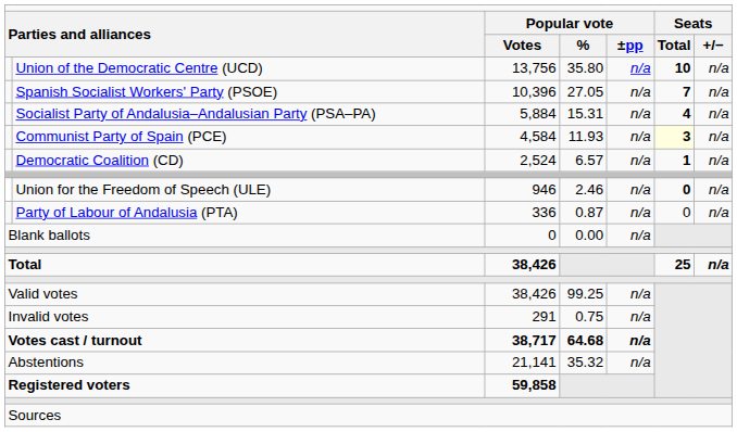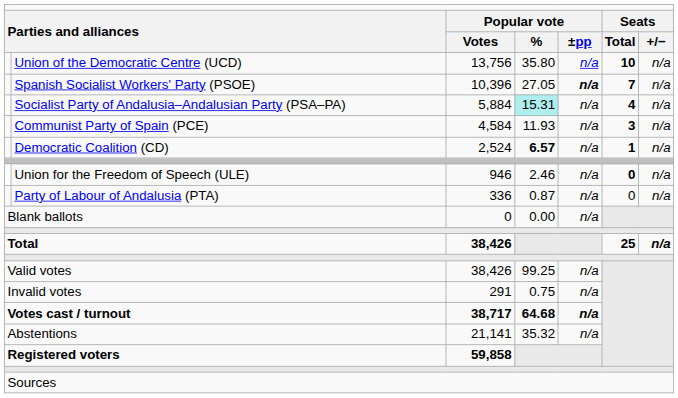 <table class="wikitable" style="text-align:right;">
 <tr>
 <td colspan="7"></td>
 </tr>
 <tr>
 <th style="text-align:left;" rowspan="2" colspan="2" width="525">Parties and alliances</th>
 <th colspan="3">Popular vote</th>
 <th colspan="2">Seats</th>
 </tr>
 <tr>
 <th width="75">Votes</th>
 <th width="45">%</th>
 <th width="45">±<a href='#'>pp</a></th>
 <th width="35">Total</th>
 <th width="35">+/−</th>
 </tr>
 <tr>
 <td width="1" style="color:inherit;background:"></td>
 <td align="left"><a href='#'>Union of the Democratic Centre</a> (UCD)</td>
 <td>13,756</td>
 <td>35.80</td>
 <td><em><a href='#'>n/a</a></em></td>
 <td><strong>10</strong></td>
 <td><em>n/a</em></td>
 </tr>
 <tr>
 <td style="color:inherit;background:"></td>
 <td align="left"><a href='#'>Spanish Socialist Workers' Party</a> (PSOE)</td>
 <td>10,396</td>
 <td>27.05</td>
-<td><em>n/a</em></td>
+<td><strong><em>n/a</em></strong></td>
 <td><strong>7</strong></td>
 <td><em>n/a</em></td>
 </tr>
 <tr>
 <td style="color:inherit;background:"></td>
 <td align="left"><a href='#'>Socialist Party of Andalusia–Andalusian Party</a> (PSA–PA)</td>
 <td>5,884</td>
-<td>15.31</td>
+<td style="background: paleturquoise;">15.31</td>
 <td><em>n/a</em></td>
 <td><strong>4</strong></td>
 <td><em>n/a</em></td>
 </tr>
 <tr>
 <td style="color:inherit;background:"></td>
 <td align="left"><a href='#'>Communist Party of Spain</a> (PCE)</td>
 <td>4,584</td>
 <td>11.93</td>
 <td><em>n/a</em></td>
-<td style="background: lightyellow;"><strong>3</strong></td>
+<td><strong>3</strong></td>
 <td><em>n/a</em></td>
 </tr>
 <tr>
 <td style="color:inherit;background:"></td>
 <td align="left"><a href='#'>Democratic Coalition</a> (CD)</td>
 <td>2,524</td>
-<td>6.57</td>
+<td><strong>6.57</strong></td>
 <td><em>n/a</em></td>
 <td><strong>1</strong></td>
 <td><em>n/a</em></td>
 </tr>
 <tr>
 <td colspan="7" bgcolor="#C0C0C0"></td>
 </tr>
 <tr>
 <td bgcolor="white"></td>
 <td align="left">Union for the Freedom of Speech (ULE)</td>
 <td>946</td>
 <td>2.46</td>
 <td><em>n/a</em></td>
 <td><strong>0</strong></td>
 <td><em>n/a</em></td>
 </tr>
 <tr>
 <td style="color:inherit;background:"></td>
 <td align="left"><a href='#'>Party of Labour of Andalusia</a> (PTA)</td>
 <td>336</td>
 <td>0.87</td>
 <td><em>n/a</em></td>
 <td>0</td>
 <td><em>n/a</em></td>
 </tr>
 <tr>
 <td align="left" colspan="2">Blank ballots</td>
 <td>0</td>
 <td>0.00</td>
 <td><em>n/a</em></td>
 <td bgcolor="#E9E9E9" colspan="2"></td>
 </tr>
 <tr>
 <td colspan="7" bgcolor="#E9E9E9"></td>
 </tr>
 <tr style="font-weight:bold;">
 <td align="left" colspan="2">Total</td>
 <td>38,426</td>
 <td bgcolor="#E9E9E9" colspan="2"></td>
 <td>25</td>
 <td><em>n/a</em></td>
 </tr>
 <tr>
 <td colspan="7" bgcolor="#E9E9E9"></td>
 </tr>
 <tr>
 <td align="left" colspan="2">Valid votes</td>
 <td>38,426</td>
 <td>99.25</td>
 <td><em>n/a</em></td>
 <td bgcolor="#E9E9E9" colspan="2" rowspan="5"></td>
 </tr>
 <tr>
 <td align="left" colspan="2">Invalid votes</td>
 <td>291</td>
 <td>0.75</td>
 <td><em>n/a</em></td>
 </tr>
 <tr style="font-weight:bold;">
 <td align="left" colspan="2">Votes cast / turnout</td>
 <td>38,717</td>
 <td>64.68</td>
 <td><em>n/a</em></td>
 </tr>
 <tr>
 <td align="left" colspan="2">Abstentions</td>
 <td>21,141</td>
 <td>35.32</td>
 <td><em>n/a</em></td>
 </tr>
 <tr style="font-weight:bold;">
 <td align="left" colspan="2">Registered voters</td>
 <td>59,858</td>
 <td bgcolor="#E9E9E9" colspan="2"></td>
 </tr>
 <tr>
 <td colspan="7" bgcolor="#E9E9E9"></td>
 </tr>
 <tr>
 <td align="left" colspan="7">Sources</td>
 </tr>
 </table>
